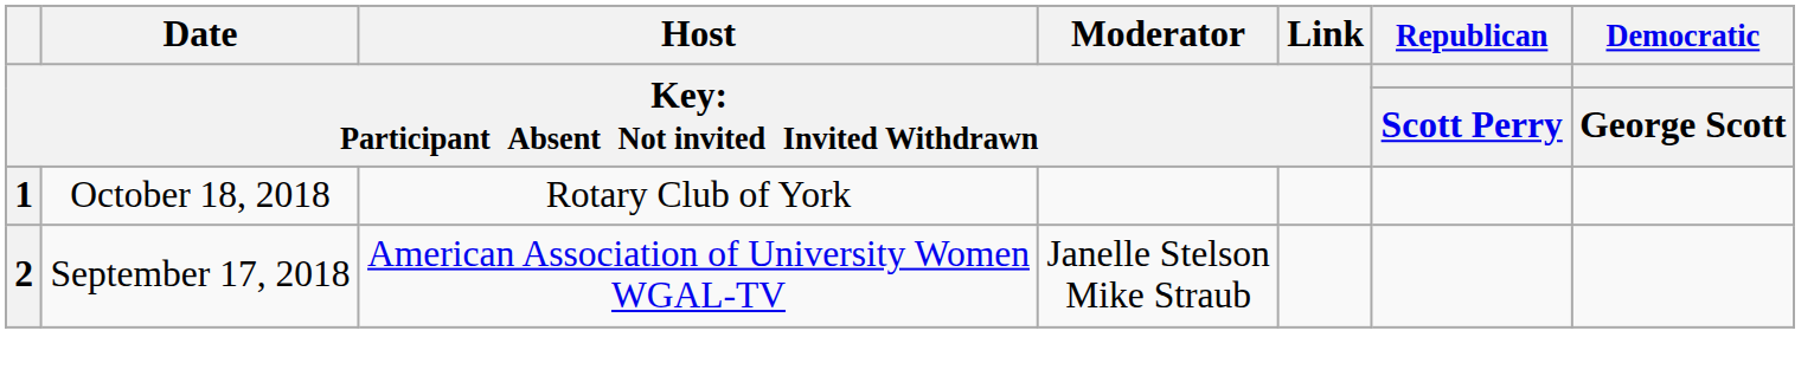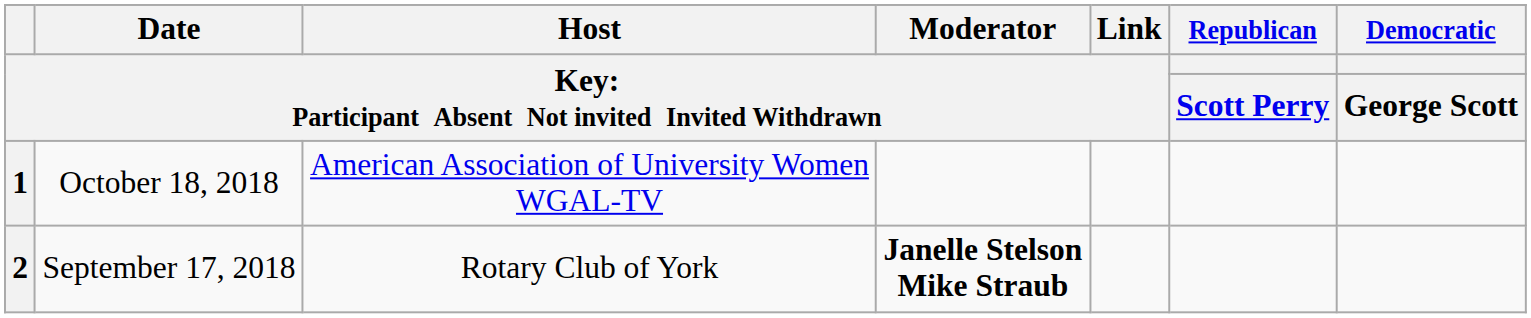 <table class="wikitable" style="text-align:center;">
 <tr>
 <th scope="col"></th>
 <th scope="col">Date</th>
 <th scope="col">Host</th>
 <th scope="col">Moderator</th>
 <th scope="col">Link</th>
 <th scope="col"><small><a href='#'>Republican</a></small></th>
 <th scope="col"><small><a href='#'>Democratic</a></small></th>
 </tr>
 <tr>
 <th colspan="5" rowspan="2">Key:<br> <small>Participant </small>  <small>Absent </small>  <small>Not invited </small>  <small>Invited  Withdrawn</small></th>
 <th scope="col" style="background:"></th>
 <th scope="col" style="background:"></th>
 </tr>
 <tr>
 <th scope="col"><a href='#'>Scott Perry</a></th>
 <th scope="col">George Scott</th>
 </tr>
 <tr>
 <th>1</th>
 <td style="white-space:nowrap;">October 18, 2018</td>
-<td style="white-space:nowrap;">Rotary Club of York</td>
+<td style="white-space:nowrap;"><a href='#'>American Association of University Women</a><br><a href='#'>WGAL-TV</a></td>
 <td style="white-space:nowrap;"></td>
 <td style="white-space:nowrap;"></td>
 <td></td>
 <td></td>
 </tr>
 <tr>
 <th>2</th>
 <td style="white-space:nowrap;">September 17, 2018</td>
-<td style="white-space:nowrap;"><a href='#'>American Association of University Women</a><br><a href='#'>WGAL-TV</a></td>
-<td style="white-space:nowrap;">Janelle Stelson<br>Mike Straub</td>
+<td style="white-space:nowrap;">Rotary Club of York</td>
+<td style="white-space:nowrap;"><strong>Janelle Stelson<br>Mike Straub</strong></td>
 <td style="white-space:nowrap;"></td>
 <td></td>
 <td></td>
 </tr>
 </table>
